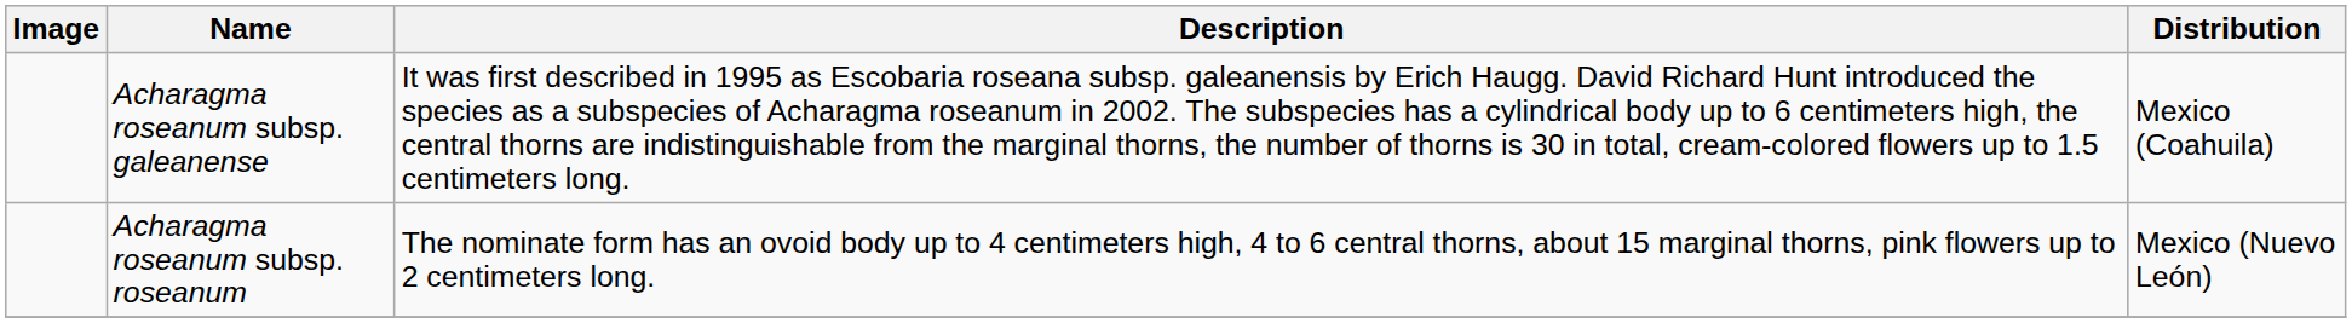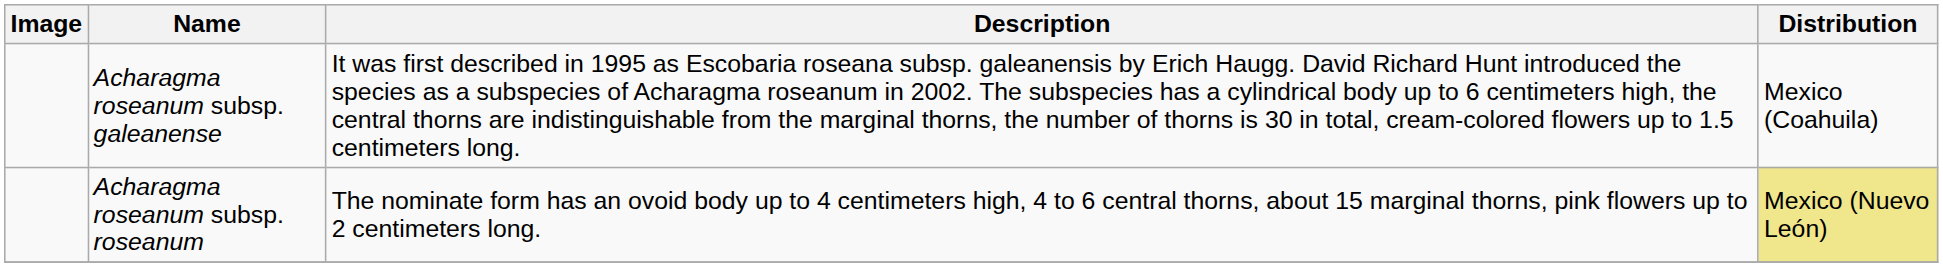 <table class="wikitable">
 <tr>
 <th>Image</th>
 <th>Name</th>
 <th>Description</th>
 <th>Distribution</th>
 </tr>
 <tr>
 <td></td>
 <td><em>Acharagma roseanum</em> subsp. <em>galeanense</em> </td>
 <td>It was first described in 1995 as Escobaria roseana subsp. galeanensis by Erich Haugg. David Richard Hunt introduced the species as a subspecies of Acharagma roseanum in 2002. The subspecies has a cylindrical body up to 6 centimeters high, the central thorns are indistinguishable from the marginal thorns, the number of thorns is 30 in total, cream-colored flowers up to 1.5 centimeters long.</td>
 <td>Mexico (Coahuila)</td>
 </tr>
 <tr>
 <td></td>
 <td><em>Acharagma roseanum</em> subsp. <em>roseanum</em></td>
 <td>The nominate form has an ovoid body up to 4 centimeters high, 4 to 6 central thorns, about 15 marginal thorns, pink flowers up to 2 centimeters long.</td>
-<td>Mexico (Nuevo León)</td>
+<td style="background: khaki;">Mexico (Nuevo León)</td>
 </tr>
 <tr>
 </tr>
 </table>
